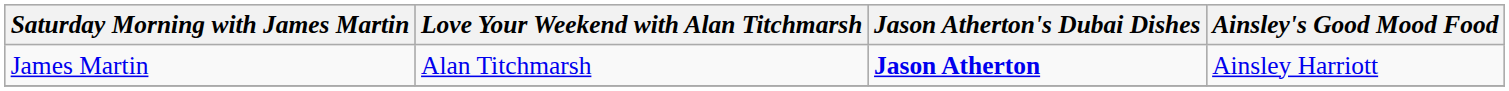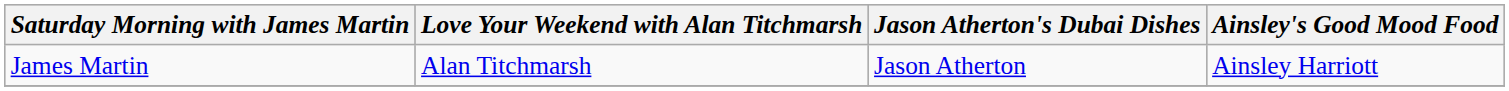 <table class="wikitable">
 <tr>
 <th><em>Saturday Morning with James Martin</em></th>
 <th><em>Love Your Weekend with Alan Titchmarsh</em></th>
 <th><em>Jason Atherton's Dubai Dishes</em></th>
 <th><em>Ainsley's Good Mood Food</em></th>
 </tr>
 <tr>
 <td><a href='#'>James Martin</a></td>
 <td><a href='#'>Alan Titchmarsh</a></td>
-<td><strong><a href='#'>Jason Atherton</a></strong></td>
+<td><a href='#'>Jason Atherton</a></td>
 <td><a href='#'>Ainsley Harriott</a></td>
 </tr>
 <tr>
 </tr>
 </table>
